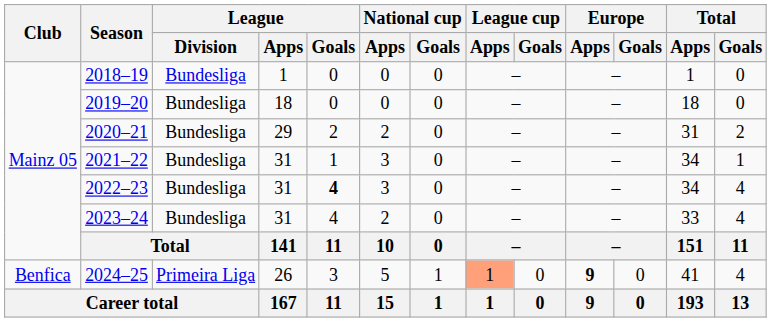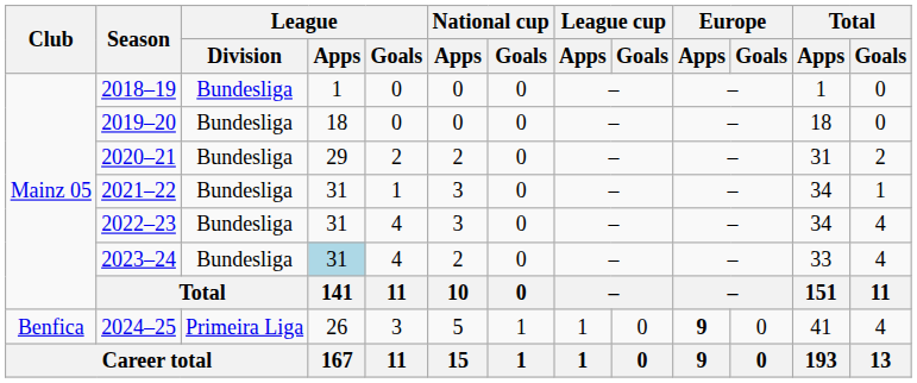 <table class="wikitable" style="text-align: center;">
 <tr>
 <th rowspan="2">Club</th>
 <th rowspan="2">Season</th>
 <th colspan="3">League</th>
 <th colspan="2">National cup</th>
 <th colspan="2">League cup</th>
 <th colspan="2">Europe</th>
 <th colspan="2">Total</th>
 </tr>
 <tr>
 <th>Division</th>
 <th>Apps</th>
 <th>Goals</th>
 <th>Apps</th>
 <th>Goals</th>
 <th>Apps</th>
 <th>Goals</th>
 <th>Apps</th>
 <th>Goals</th>
 <th>Apps</th>
 <th>Goals</th>
 </tr>
 <tr>
 <td rowspan="7"><a href='#'>Mainz 05</a></td>
 <td><a href='#'>2018–19</a></td>
 <td><a href='#'>Bundesliga</a></td>
 <td>1</td>
 <td>0</td>
 <td>0</td>
 <td>0</td>
 <td colspan="2">–</td>
 <td colspan="2">–</td>
 <td>1</td>
 <td>0</td>
 </tr>
 <tr>
 <td><a href='#'>2019–20</a></td>
 <td>Bundesliga</td>
 <td>18</td>
 <td>0</td>
 <td>0</td>
 <td>0</td>
 <td colspan="2">–</td>
 <td colspan="2">–</td>
 <td>18</td>
 <td>0</td>
 </tr>
 <tr>
 <td><a href='#'>2020–21</a></td>
 <td>Bundesliga</td>
 <td>29</td>
 <td>2</td>
 <td>2</td>
 <td>0</td>
 <td colspan="2">–</td>
 <td colspan="2">–</td>
 <td>31</td>
 <td>2</td>
 </tr>
 <tr>
 <td><a href='#'>2021–22</a></td>
 <td>Bundesliga</td>
 <td>31</td>
 <td>1</td>
 <td>3</td>
 <td>0</td>
 <td colspan="2">–</td>
 <td colspan="2">–</td>
 <td>34</td>
 <td>1</td>
 </tr>
 <tr>
 <td><a href='#'>2022–23</a></td>
 <td>Bundesliga</td>
 <td>31</td>
-<td><strong>4</strong></td>
+<td>4</td>
 <td>3</td>
 <td>0</td>
 <td colspan="2">–</td>
 <td colspan="2">–</td>
 <td>34</td>
 <td>4</td>
 </tr>
 <tr>
 <td><a href='#'>2023–24</a></td>
 <td>Bundesliga</td>
-<td>31</td>
+<td style="background: lightblue;">31</td>
 <td>4</td>
 <td>2</td>
 <td>0</td>
 <td colspan="2">–</td>
 <td colspan="2">–</td>
 <td>33</td>
 <td>4</td>
 </tr>
 <tr>
 <th colspan="2">Total</th>
 <th>141</th>
 <th>11</th>
 <th>10</th>
 <th>0</th>
 <th colspan="2">–</th>
 <th colspan="2">–</th>
 <th>151</th>
 <th>11</th>
 </tr>
 <tr>
 <td><a href='#'>Benfica</a></td>
 <td><a href='#'>2024–25</a></td>
 <td><a href='#'>Primeira Liga</a></td>
 <td>26</td>
 <td>3</td>
 <td>5</td>
 <td>1</td>
-<td style="background: lightsalmon;">1</td>
+<td>1</td>
 <td>0</td>
 <td><strong>9</strong></td>
 <td>0</td>
 <td>41</td>
 <td>4</td>
 </tr>
 <tr>
 <th colspan="3">Career total</th>
 <th>167</th>
 <th>11</th>
 <th>15</th>
 <th>1</th>
 <th>1</th>
 <th>0</th>
 <th>9</th>
 <th>0</th>
 <th>193</th>
 <th>13</th>
 </tr>
 </table>
